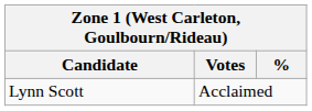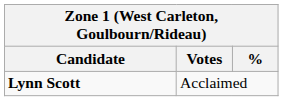 <table class="wikitable">
 <tr>
 <th colspan="3">Zone 1 (West Carleton, Goulbourn/Rideau)</th>
 </tr>
 <tr>
 <th style="width: 170px">Candidate</th>
 <th style="width: 50px">Votes</th>
 <th style="width: 40px">%</th>
 </tr>
 <tr>
-<td>Lynn Scott</td>
+<td><strong>Lynn Scott</strong></td>
 <td colspan="2">Acclaimed</td>
 </tr>
 </table>
